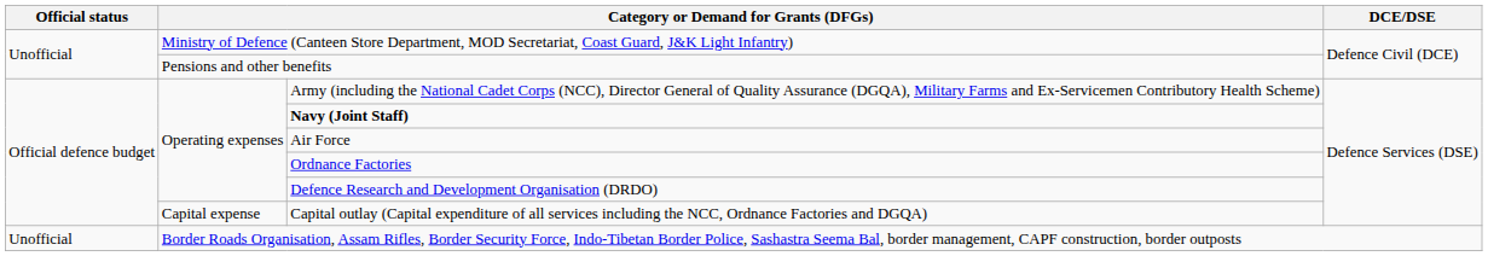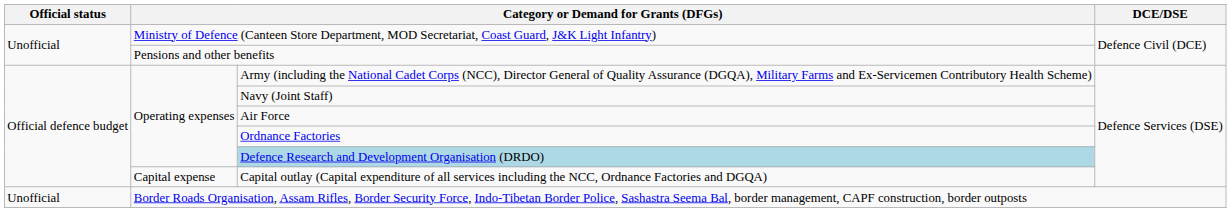 <table class="wikitable">
 <tr>
 <th>Official status</th>
 <th colspan="2">Category or Demand for Grants (DFGs)</th>
 <th>DCE/DSE</th>
 </tr>
 <tr>
 <td rowspan="2">Unofficial</td>
 <td colspan="2"><a href='#'>Ministry of Defence</a> (Canteen Store Department, MOD Secretariat, <a href='#'>Coast Guard</a>, <a href='#'>J&K Light Infantry</a>)</td>
 <td rowspan="2">Defence Civil (DCE)</td>
 </tr>
 <tr>
 <td colspan="2">Pensions and other benefits</td>
 </tr>
 <tr>
 <td rowspan="6">Official defence budget</td>
 <td rowspan="5">Operating expenses</td>
 <td>Army (including the <a href='#'>National Cadet Corps</a> (NCC), Director General of Quality Assurance (DGQA), <a href='#'>Military Farms</a> and Ex-Servicemen Contributory Health Scheme)</td>
 <td rowspan="6">Defence Services (DSE)</td>
 </tr>
 <tr>
-<td><strong>Navy (Joint Staff)</strong></td>
+<td>Navy (Joint Staff)</td>
 </tr>
 <tr>
 <td>Air Force</td>
 </tr>
 <tr>
 <td><a href='#'>Ordnance Factories</a></td>
 </tr>
 <tr>
-<td><a href='#'>Defence Research and Development Organisation</a> (DRDO)</td>
+<td style="background: lightblue;"><a href='#'>Defence Research and Development Organisation</a> (DRDO)</td>
 </tr>
 <tr>
 <td>Capital expense</td>
 <td>Capital outlay (Capital expenditure of all services including the NCC, Ordnance Factories and DGQA)</td>
 </tr>
 <tr>
 <td>Unofficial</td>
 <td colspan="3"><a href='#'>Border Roads Organisation</a>, <a href='#'>Assam Rifles</a>, <a href='#'>Border Security Force</a>, <a href='#'>Indo-Tibetan Border Police</a>, <a href='#'>Sashastra Seema Bal</a>, border management, CAPF construction, border outposts</td>
 </tr>
 </table>
